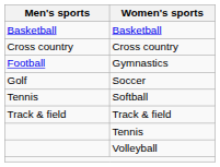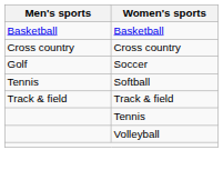 <table class="wikitable" style= " ">
 <tr>
 <th width=150px>Men's sports</th>
 <th width=150px>Women's sports</th>
 </tr>
 <tr>
 <td><a href='#'>Basketball</a></td>
 <td><a href='#'>Basketball</a></td>
 </tr>
 <tr>
 <td>Cross country</td>
 <td>Cross country</td>
-</tr>
-<tr>
-<td><a href='#'>Football</a></td>
-<td>Gymnastics</td>
 </tr>
 <tr>
 <td>Golf</td>
 <td>Soccer</td>
 </tr>
 <tr>
 <td>Tennis</td>
 <td>Softball</td>
 </tr>
 <tr>
 <td>Track & field</td>
 <td>Track & field</td>
 </tr>
 <tr>
 <td></td>
 <td>Tennis</td>
 </tr>
 <tr>
 <td></td>
 <td>Volleyball</td>
 </tr>
 <tr>
 <td colspan="2"></td>
 </tr>
 </table>
